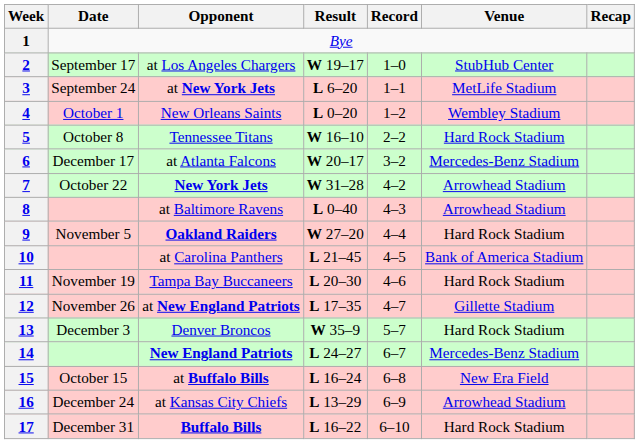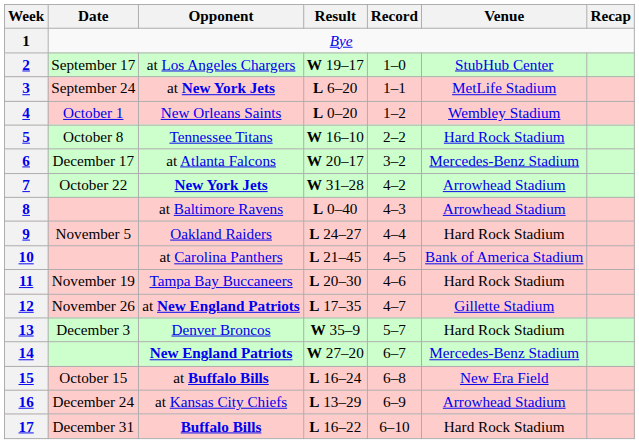 <table class="wikitable" style="text-align:center">
 <tr>
 <th>Week</th>
 <th>Date</th>
 <th>Opponent</th>
 <th>Result</th>
 <th>Record</th>
 <th>Venue</th>
 <th>Recap</th>
 </tr>
 <tr>
 <th>1</th>
 <td colspan="6"><em><a href='#'>Bye</a></em></td>
 </tr>
 <tr style="background:#cfc">
 <th><a href='#'>2</a></th>
 <td>September 17</td>
 <td>at <a href='#'>Los Angeles Chargers</a></td>
 <td><strong>W</strong> 19–17</td>
 <td>1–0</td>
 <td><a href='#'>StubHub Center</a></td>
 <td></td>
 </tr>
 <tr style="background:#fcc">
 <th><a href='#'>3</a></th>
 <td>September 24</td>
 <td>at <strong><a href='#'>New York Jets</a></strong></td>
 <td><strong>L</strong> 6–20</td>
 <td>1–1</td>
 <td><a href='#'>MetLife Stadium</a></td>
 <td></td>
 </tr>
 <tr style="background:#fcc">
 <th><a href='#'>4</a></th>
 <td><a href='#'>October 1</a></td>
 <td><a href='#'>New Orleans Saints</a></td>
 <td><strong>L</strong> 0–20</td>
 <td>1–2</td>
 <td> <a href='#'>Wembley Stadium</a> </td>
 <td></td>
 </tr>
 <tr style="background:#cfc">
 <th><a href='#'>5</a></th>
 <td>October 8</td>
 <td><a href='#'>Tennessee Titans</a></td>
 <td><strong>W</strong> 16–10</td>
 <td>2–2</td>
 <td><a href='#'>Hard Rock Stadium</a></td>
 <td></td>
 </tr>
 <tr style="background:#cfc">
 <th><a href='#'>6</a></th>
 <td>December 17</td>
 <td>at <a href='#'>Atlanta Falcons</a></td>
 <td><strong>W</strong> 20–17</td>
 <td>3–2</td>
 <td><a href='#'>Mercedes-Benz Stadium</a></td>
 <td></td>
 </tr>
 <tr style="background:#cfc">
 <th><a href='#'>7</a></th>
 <td>October 22</td>
 <td><strong><a href='#'>New York Jets</a></strong></td>
 <td><strong>W</strong> 31–28</td>
 <td>4–2</td>
 <td><a href='#'>Arrowhead Stadium</a></td>
 <td></td>
 </tr>
 <tr style="background:#fcc">
 <th><a href='#'>8</a></th>
 <td></td>
 <td>at <a href='#'>Baltimore Ravens</a></td>
 <td><strong>L</strong> 0–40</td>
 <td>4–3</td>
 <td><a href='#'>Arrowhead Stadium</a></td>
 <td></td>
 </tr>
 <tr style="background:#fcc">
 <th><a href='#'>9</a></th>
 <td>November 5</td>
-<td><strong><a href='#'>Oakland Raiders</a></strong></td>
-<td><strong>W</strong> 27–20</td>
+<td><a href='#'>Oakland Raiders</a></td>
+<td><strong>L</strong> 24–27</td>
 <td>4–4</td>
 <td>Hard Rock Stadium</td>
 <td></td>
 </tr>
 <tr style="background:#fcc">
 <th><a href='#'>10</a></th>
 <td></td>
 <td>at <a href='#'>Carolina Panthers</a></td>
 <td><strong>L</strong> 21–45</td>
 <td>4–5</td>
 <td><a href='#'>Bank of America Stadium</a></td>
 <td></td>
 </tr>
 <tr style="background:#fcc">
 <th><a href='#'>11</a></th>
 <td>November 19</td>
 <td><a href='#'>Tampa Bay Buccaneers</a></td>
 <td><strong>L</strong> 20–30</td>
 <td>4–6</td>
 <td>Hard Rock Stadium</td>
 <td></td>
 </tr>
 <tr style="background:#fcc">
 <th><a href='#'>12</a></th>
 <td>November 26</td>
 <td>at <strong><a href='#'>New England Patriots</a></strong></td>
 <td><strong>L</strong> 17–35</td>
 <td>4–7</td>
 <td><a href='#'>Gillette Stadium</a></td>
 <td></td>
 </tr>
 <tr style="background:#cfc">
 <th><a href='#'>13</a></th>
 <td>December 3</td>
 <td><a href='#'>Denver Broncos</a></td>
 <td><strong>W</strong> 35–9</td>
 <td>5–7</td>
 <td>Hard Rock Stadium</td>
 <td></td>
 </tr>
 <tr style="background:#cfc">
 <th><a href='#'>14</a></th>
 <td></td>
 <td><strong><a href='#'>New England Patriots</a></strong></td>
-<td><strong>L</strong> 24–27</td>
+<td><strong>W</strong> 27–20</td>
 <td>6–7</td>
 <td><a href='#'>Mercedes-Benz Stadium</a></td>
 <td></td>
 </tr>
 <tr style="background:#fcc">
 <th><a href='#'>15</a></th>
 <td>October 15</td>
 <td>at <strong><a href='#'>Buffalo Bills</a></strong></td>
 <td><strong>L</strong> 16–24</td>
 <td>6–8</td>
 <td><a href='#'>New Era Field</a></td>
 <td></td>
 </tr>
 <tr style="background:#fcc">
 <th><a href='#'>16</a></th>
 <td>December 24</td>
 <td>at <a href='#'>Kansas City Chiefs</a></td>
 <td><strong>L</strong> 13–29</td>
 <td>6–9</td>
 <td><a href='#'>Arrowhead Stadium</a></td>
 <td></td>
 </tr>
 <tr style="background:#fcc">
 <th><a href='#'>17</a></th>
 <td>December 31</td>
 <td><strong><a href='#'>Buffalo Bills</a></strong></td>
 <td><strong>L</strong> 16–22</td>
 <td>6–10</td>
 <td>Hard Rock Stadium</td>
 <td></td>
 </tr>
 </table>
